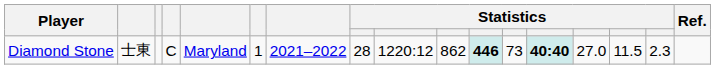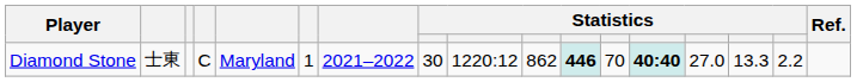 <table class="wikitable sortable" style="font-size:95%; text-align:right;">
 <tr>
 <th rowspan="2">Player</th>
 <th rowspan="2"></th>
 <th rowspan="2"></th>
 <th rowspan="2"></th>
 <th rowspan="2"></th>
 <th rowspan="2"></th>
 <th rowspan="2"></th>
 <th colspan="9">Statistics</th>
 <th rowspan="2">Ref.</th>
 </tr>
 <tr>
 <th></th>
 <th></th>
 <th></th>
 <th></th>
 <th></th>
 <th></th>
 <th></th>
 <th></th>
 <th></th>
 </tr>
 <tr>
 <td align="left"><a href='#'>Diamond Stone</a></td>
 <td align="left">士東</td>
 <td align="center"></td>
 <td align="center">C</td>
 <td align="left"><a href='#'>Maryland</a></td>
 <td align="center">1</td>
 <td align="center"><a href='#'>2021–2022</a></td>
-<td>28</td>
+<td>30</td>
 <td>1220:12</td>
 <td>862</td>
 <td bgcolor="#CFECEC"><strong>446</strong></td>
-<td>73</td>
+<td>70</td>
 <td bgcolor="#CFECEC"><strong>40:40</strong></td>
 <td>27.0</td>
-<td>11.5</td>
-<td>2.3</td>
+<td>13.3</td>
+<td>2.2</td>
 <td align="center"></td>
 </tr>
 </table>
